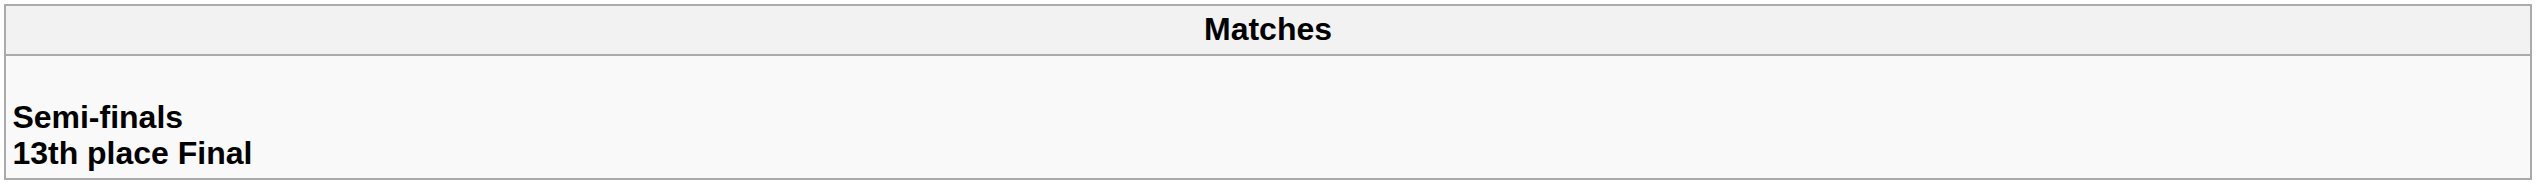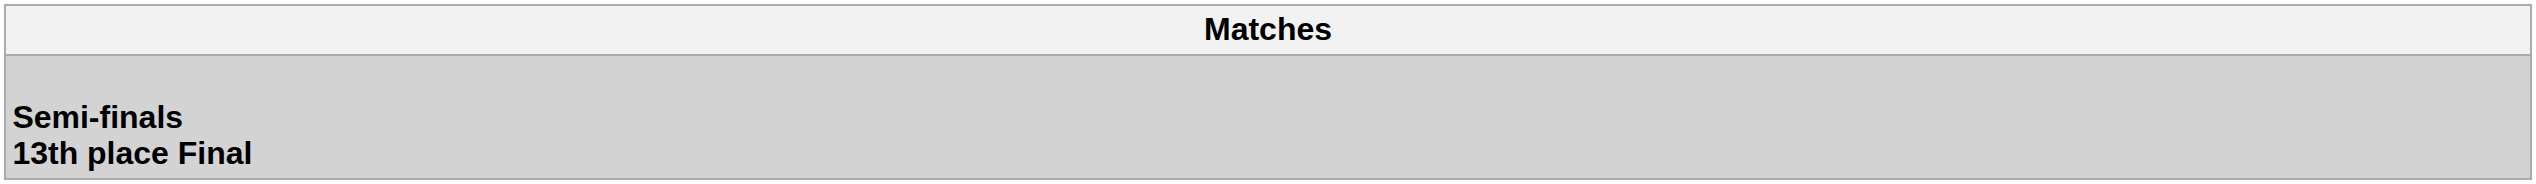 <table class="wikitable collapsible collapsed" style="width:100%;">
 <tr>
 <th>Matches</th>
 </tr>
 <tr>
-<td><br><strong>Semi-finals</strong>  <br><strong>13th place Final</strong> </td>
+<td style="background: lightgrey;"><br><strong>Semi-finals</strong>  <br><strong>13th place Final</strong> </td>
 </tr>
 </table>
